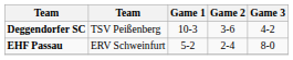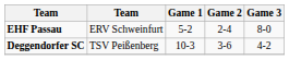 <table class="wikitable">
 <tr>
 <th>Team</th>
 <th>Team</th>
 <th>Game 1</th>
 <th>Game 2</th>
 <th>Game 3</th>
 </tr>
 <tr>
+<td><strong>EHF Passau</strong></td>
+<td>ERV Schweinfurt</td>
+<td align="center">5-2</td>
+<td align="center">2-4</td>
+<td align="center">8-0</td>
+</tr>
+<tr>
 <td><strong>Deggendorfer SC</strong></td>
 <td>TSV Peißenberg</td>
 <td align="center">10-3</td>
 <td align="center">3-6</td>
 <td align="center">4-2</td>
 </tr>
 <tr>
-<td><strong>EHF Passau</strong></td>
-<td>ERV Schweinfurt</td>
-<td align="center">5-2</td>
-<td align="center">2-4</td>
-<td align="center">8-0</td>
-</tr>
-<tr>
 </tr>
 </table>
